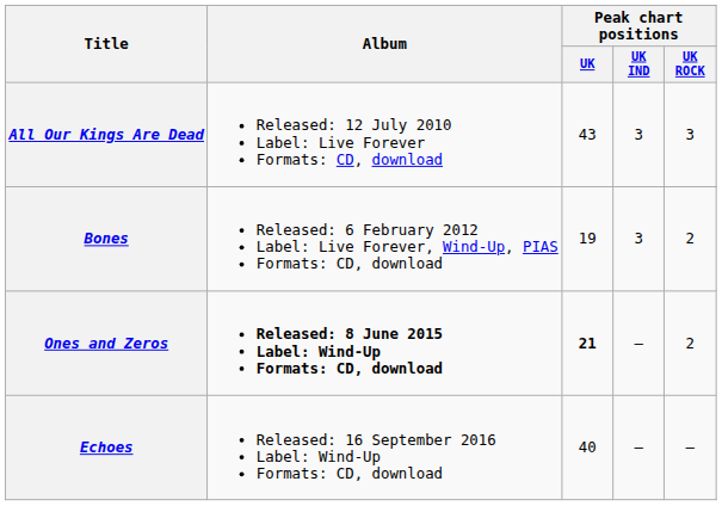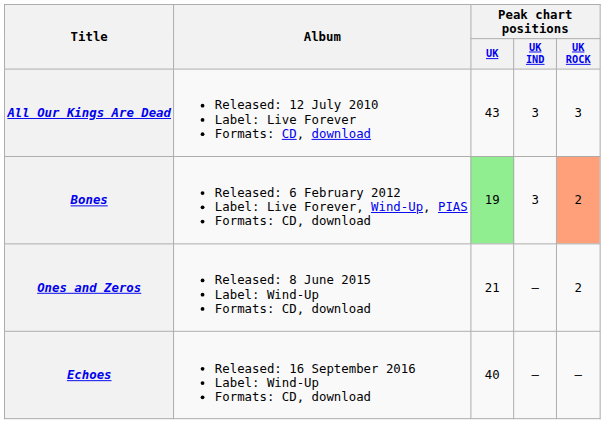 <table class="wikitable plainrowheaders">
 <tr>
 <th rowspan=2>Title</th>
 <th rowspan=2>Album</th>
 <th colspan=3>Peak chart positions</th>
 </tr>
 <tr style=font-size:smaller;>
 <th width="40"><a href='#'>UK</a></th>
 <th width="40"><a href='#'>UK<br>IND</a></th>
 <th width="40"><a href='#'>UK<br>ROCK</a></th>
 </tr>
 <tr>
 <th scope="row"><em><a href='#'>All Our Kings Are Dead</a></em></th>
 <td><br><ul><li>Released: 12 July 2010</li><li>Label: Live Forever</li><li>Formats: <a href='#'>CD</a>, <a href='#'>download</a></li></ul></td>
 <td style="text-align:center;">43</td>
 <td style="text-align:center;">3</td>
 <td style="text-align:center;">3</td>
 </tr>
 <tr>
 <th scope="row"><em><a href='#'>Bones</a></em></th>
 <td><br><ul><li>Released: 6 February 2012</li><li>Label: Live Forever, <a href='#'>Wind-Up</a>, <a href='#'>PIAS</a></li><li>Formats: CD, download</li></ul></td>
-<td style="text-align:center;">19</td>
+<td style="background: lightgreen; text-align:center;">19</td>
 <td style="text-align:center;">3</td>
-<td style="text-align:center;">2</td>
+<td style="background: lightsalmon; text-align:center;">2</td>
 </tr>
 <tr>
 <th scope="row"><em><a href='#'>Ones and Zeros</a></em></th>
-<td><strong><br><ul><li>Released: 8 June 2015</li><li>Label: Wind-Up</li><li>Formats: CD, download</li></ul></strong></td>
-<td style="text-align:center;"><strong>21</strong></td>
+<td><br><ul><li>Released: 8 June 2015</li><li>Label: Wind-Up</li><li>Formats: CD, download</li></ul></td>
+<td style="text-align:center;">21</td>
 <td style="text-align:center;">—</td>
 <td style="text-align:center;">2</td>
 </tr>
 <tr>
 <th scope="row"><em><a href='#'>Echoes</a></em></th>
 <td><br><ul><li>Released: 16 September 2016</li><li>Label: Wind-Up</li><li>Formats: CD, download</li></ul></td>
 <td style="text-align:center;">40</td>
 <td style="text-align:center;">—</td>
 <td style="text-align:center;">—</td>
 </tr>
 </table>
